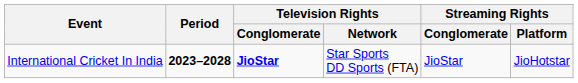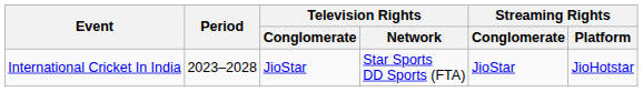 <table class="wikitable">
 <tr>
 <th colspan="2" rowspan="2">Event</th>
 <th rowspan="2">Period</th>
 <th colspan="2">Television Rights</th>
 <th colspan="2">Streaming Rights</th>
 </tr>
 <tr>
 <th>Conglomerate</th>
 <th>Network</th>
 <th>Conglomerate</th>
 <th>Platform</th>
 </tr>
 <tr>
 <td colspan="2"><a href='#'>International Cricket In India</a></td>
-<td><strong>2023–2028</strong></td>
-<td rowspan="1"><strong><a href='#'>JioStar</a></strong></td>
+<td>2023–2028</td>
+<td rowspan="1"><a href='#'>JioStar</a></td>
 <td rowspan="1"><a href='#'>Star Sports</a><br><a href='#'>DD Sports</a> (FTA)</td>
 <td rowspan="1"><a href='#'>JioStar</a></td>
 <td rowspan="1"><a href='#'>JioHotstar</a></td>
 </tr>
 </table>
